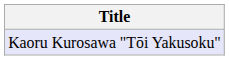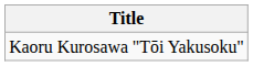 <table class="wikitable">
 <tr>
 <th>Title</th>
 </tr>
 <tr>
-<td style="background: lavender;">Kaoru Kurosawa "Tōi Yakusoku"</td>
+<td>Kaoru Kurosawa "Tōi Yakusoku"</td>
 </tr>
 </table>
